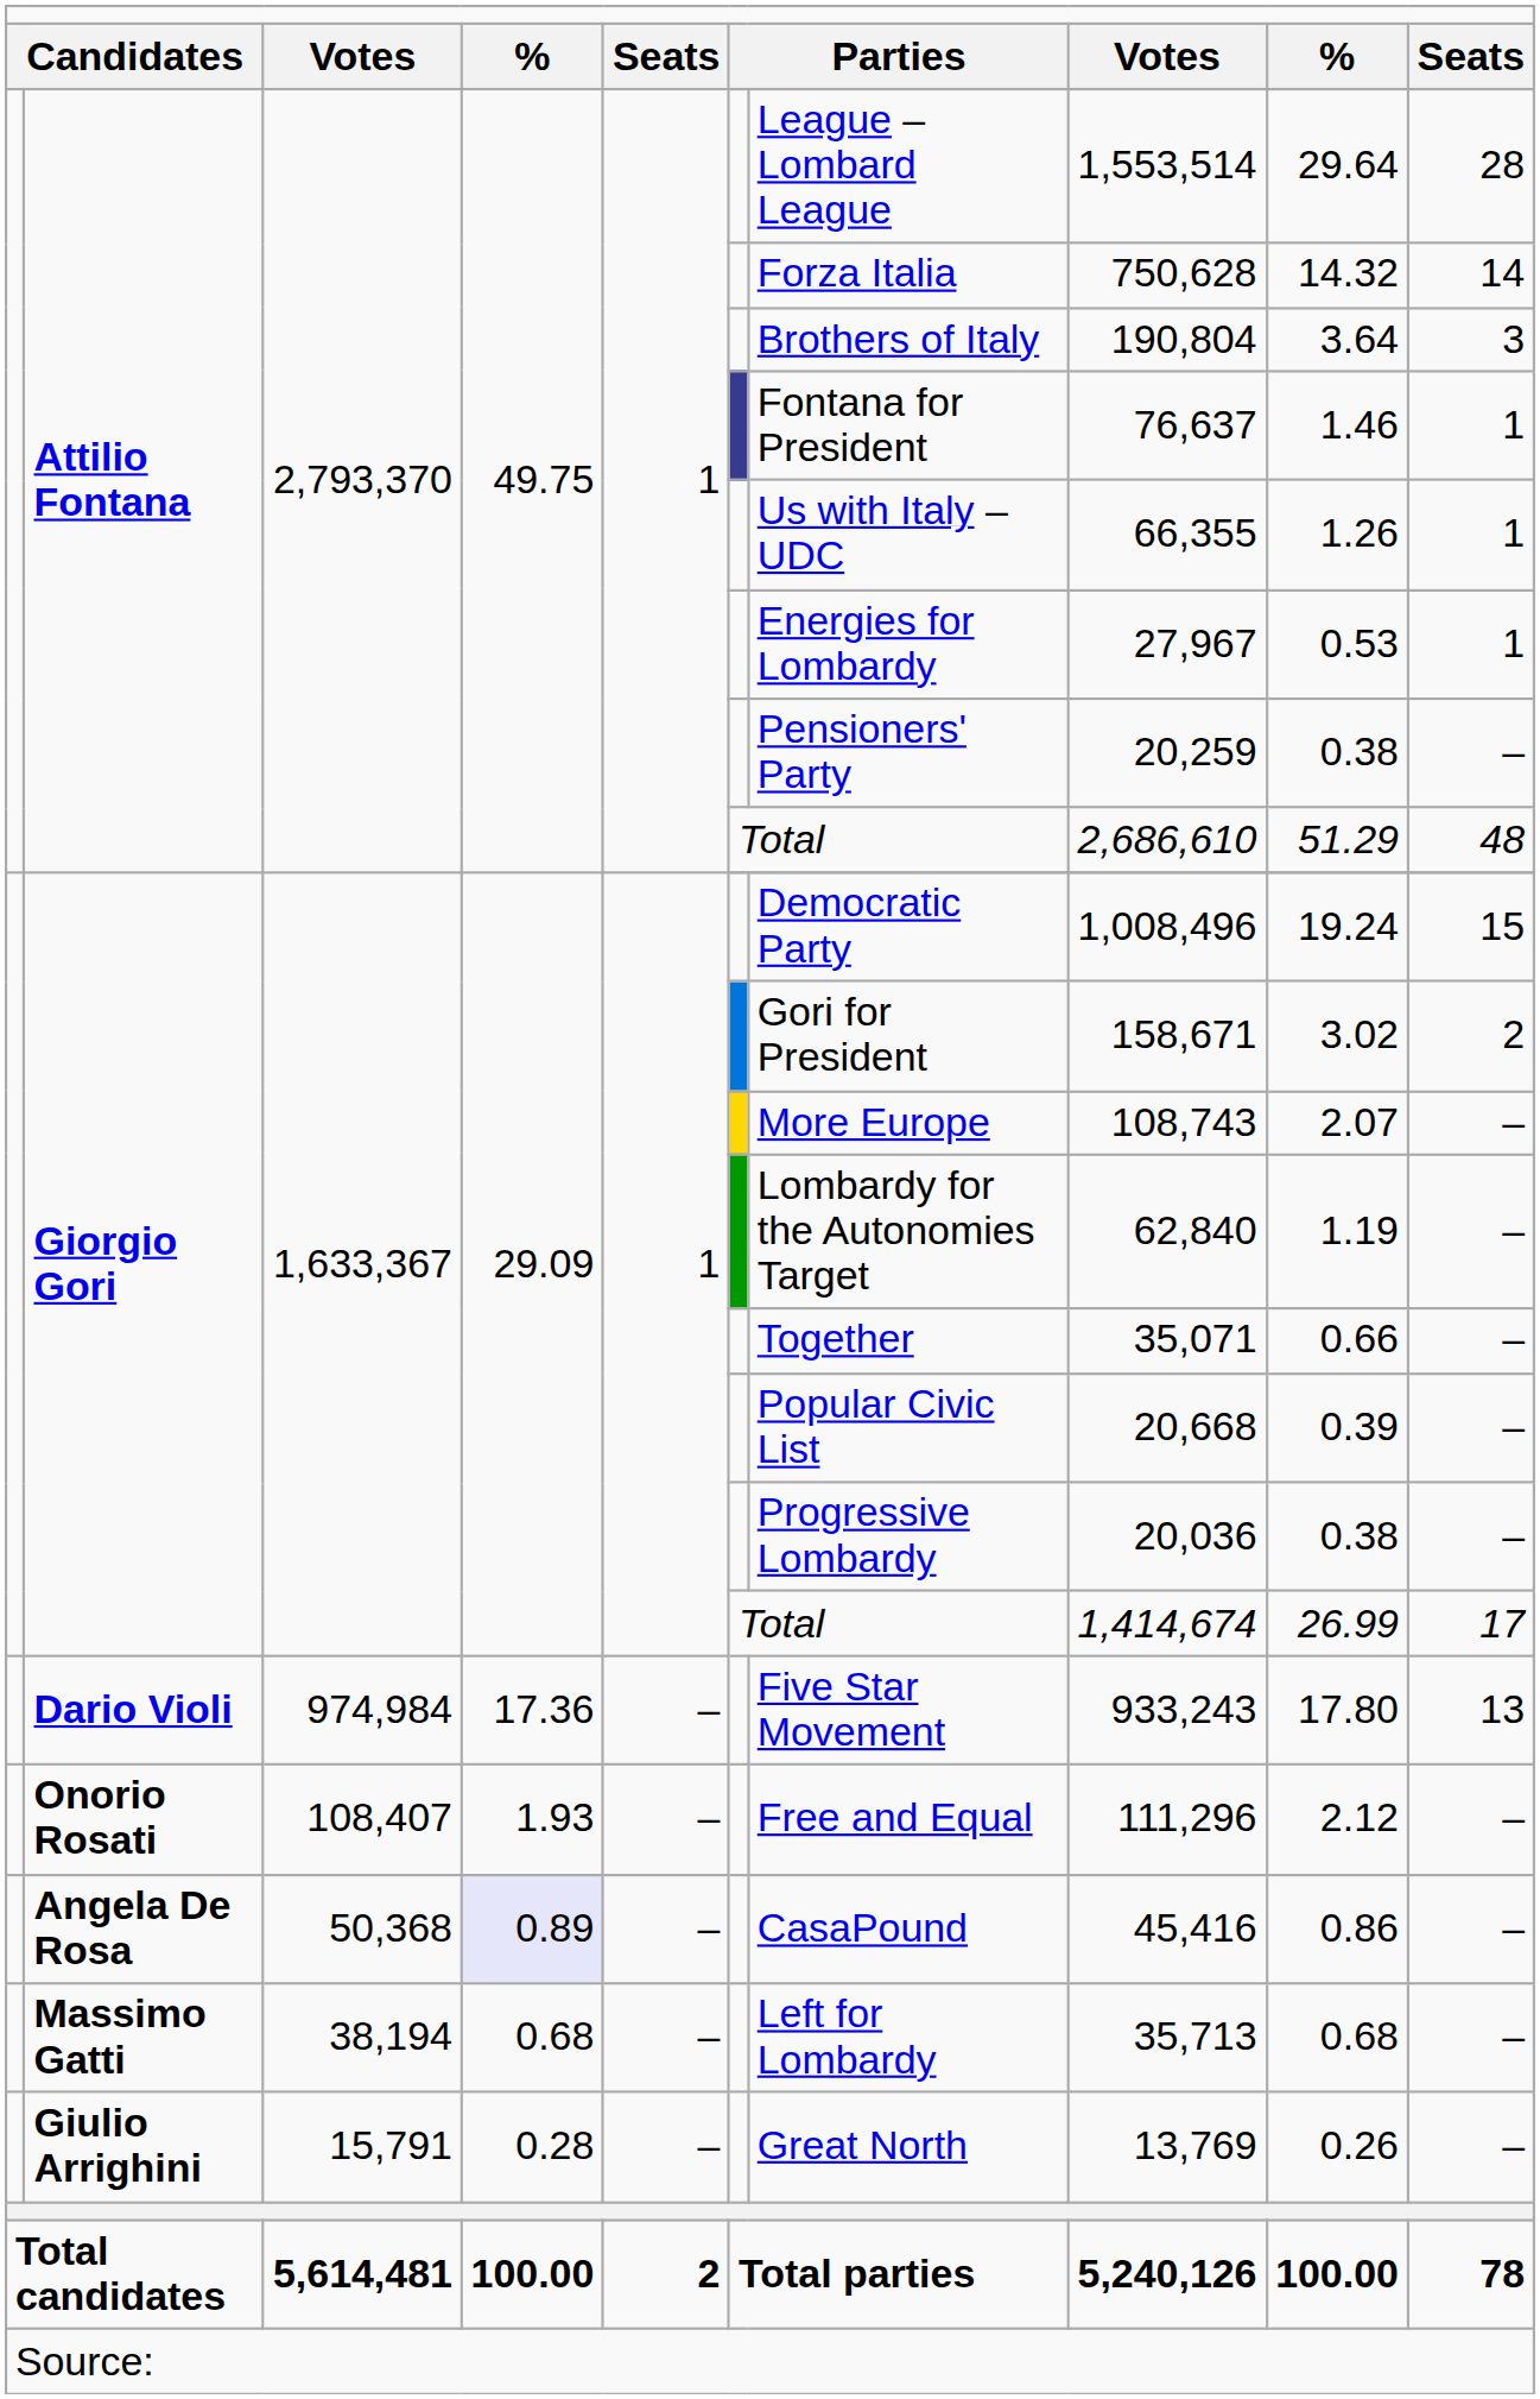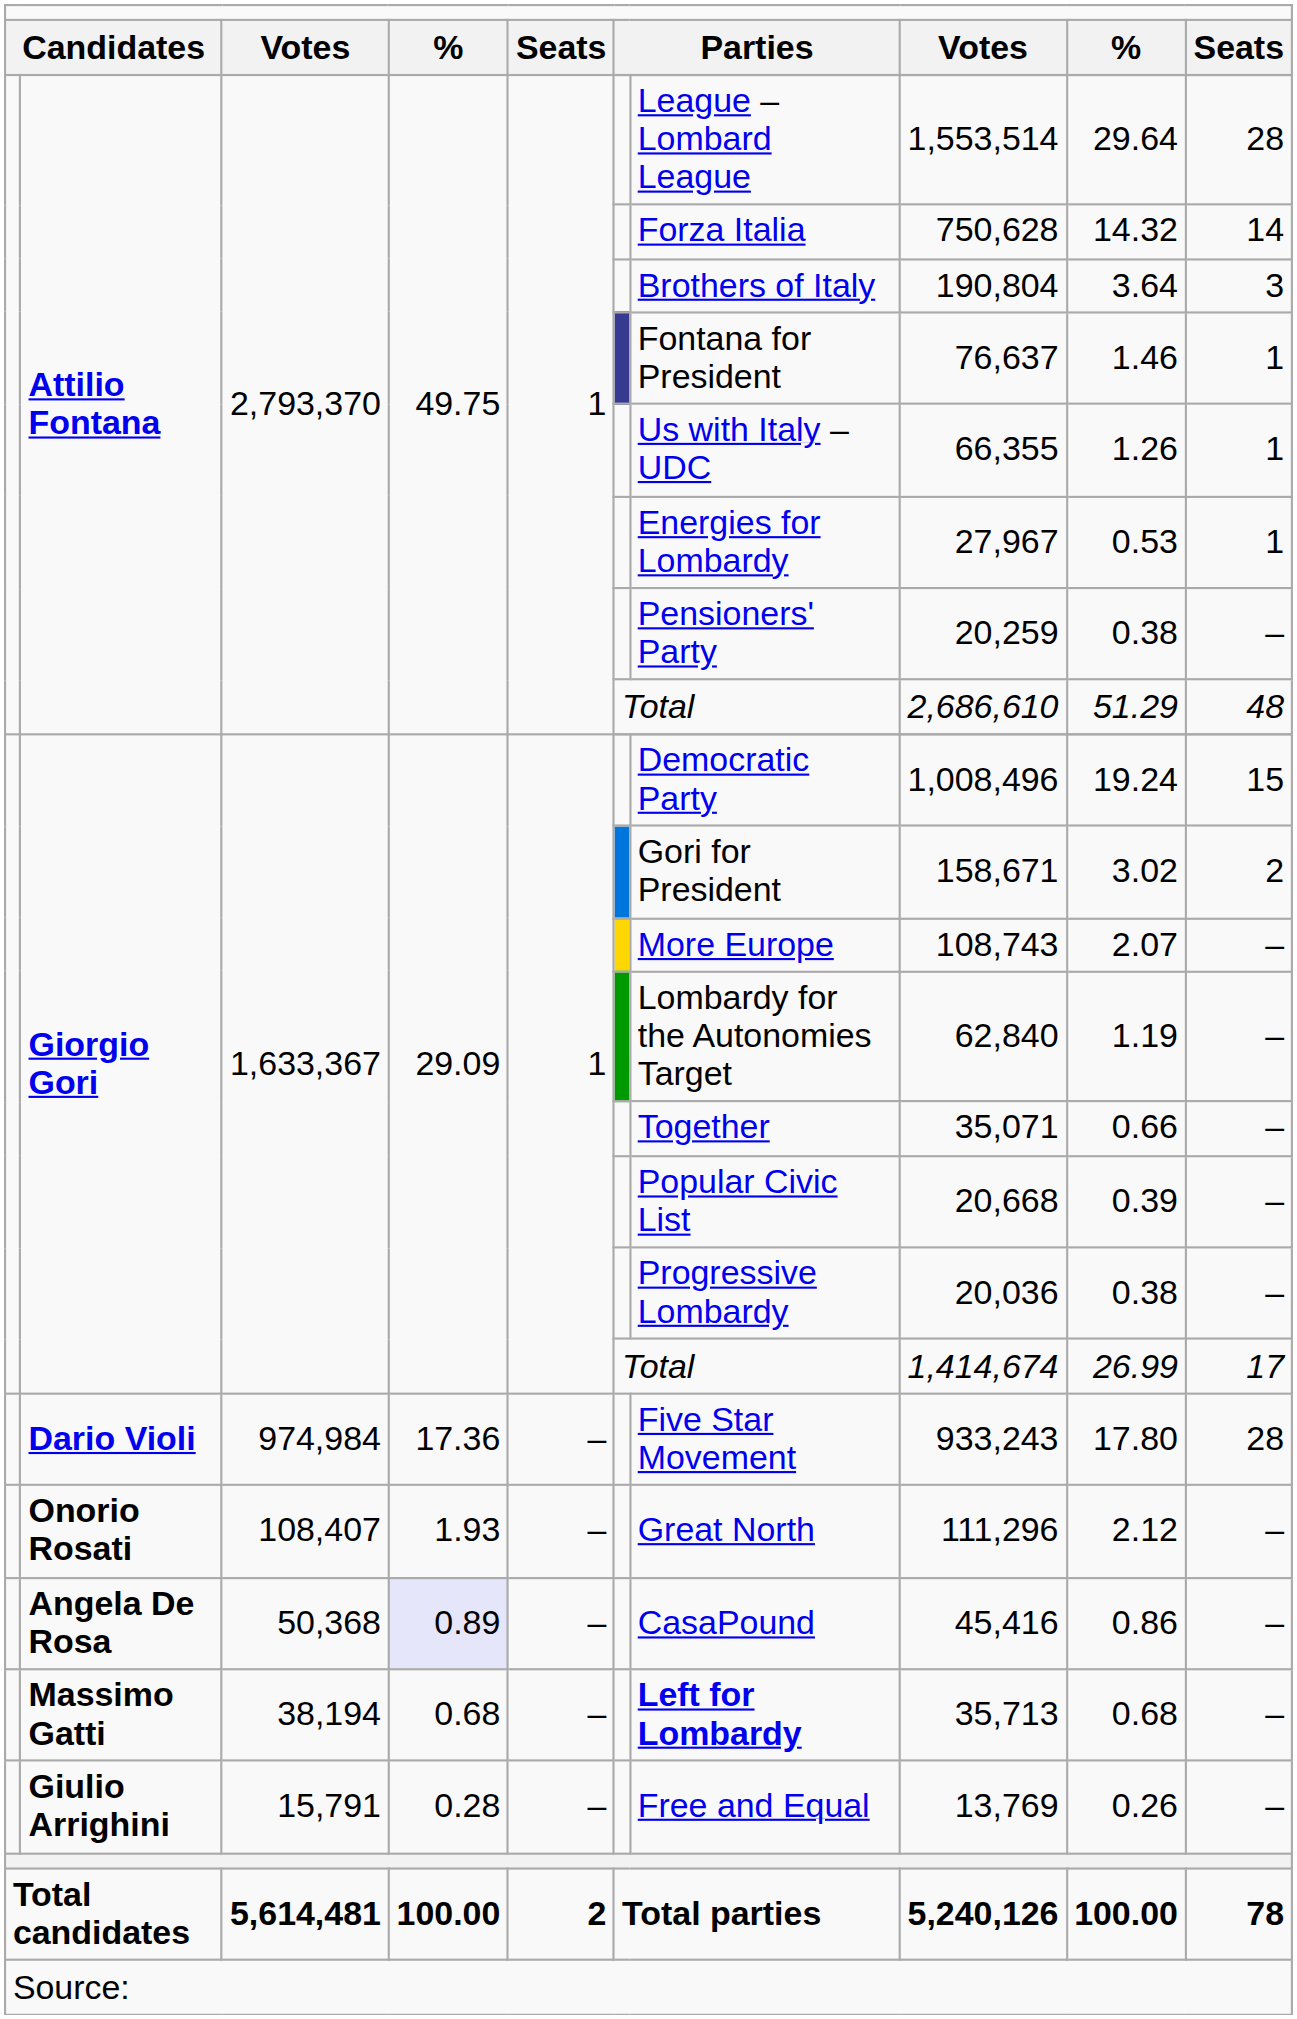 <table class="wikitable">
 <tr>
 <td colspan=10></td>
 </tr>
 <tr>
 <th colspan=2>Candidates</th>
 <th>Votes</th>
 <th>%</th>
 <th>Seats</th>
 <th colspan=2>Parties</th>
 <th>Votes</th>
 <th>%</th>
 <th>Seats</th>
 </tr>
 <tr>
 <td rowspan="9"></td>
 <td rowspan="9"><strong><a href='#'>Attilio Fontana</a></strong></td>
 <td rowspan="9" align=right>2,793,370</td>
 <td rowspan="9" align=right>49.75</td>
 <td rowspan="9" align=right>1</td>
 </tr>
 <tr>
 <td></td>
 <td><a href='#'>League</a> – <a href='#'>Lombard League</a></td>
 <td align=right>1,553,514</td>
 <td align=right>29.64</td>
 <td align=right>28</td>
 </tr>
 <tr>
 <td></td>
 <td><a href='#'>Forza Italia</a></td>
 <td align=right>750,628</td>
 <td align=right>14.32</td>
 <td align=right>14</td>
 </tr>
 <tr>
 <td></td>
 <td><a href='#'>Brothers of Italy</a></td>
 <td align=right>190,804</td>
 <td align=right>3.64</td>
 <td align=right>3</td>
 </tr>
 <tr>
 <td bgcolor="#363A91"></td>
 <td>Fontana for President</td>
 <td align=right>76,637</td>
 <td align=right>1.46</td>
 <td align=right>1</td>
 </tr>
 <tr>
 <td></td>
 <td><a href='#'>Us with Italy</a> – <a href='#'>UDC</a></td>
 <td align=right>66,355</td>
 <td align=right>1.26</td>
 <td align=right>1</td>
 </tr>
 <tr>
 <td></td>
 <td><a href='#'>Energies for Lombardy</a></td>
 <td align=right>27,967</td>
 <td align=right>0.53</td>
 <td align=right>1</td>
 </tr>
 <tr>
 <td></td>
 <td><a href='#'>Pensioners' Party</a></td>
 <td align=right>20,259</td>
 <td align=right>0.38</td>
 <td align=right>–</td>
 </tr>
 <tr>
 <td colspan=2><em>Total</em></td>
 <td align=right><em>2,686,610</em></td>
 <td align=right><em>51.29</em></td>
 <td align=right><em>48</em></td>
 </tr>
 <tr>
 <td rowspan=9></td>
 <td rowspan=9><strong><a href='#'>Giorgio Gori</a></strong></td>
 <td rowspan="9" align=right>1,633,367</td>
 <td rowspan="9" align=right>29.09</td>
 <td rowspan="9" align=right>1</td>
 </tr>
 <tr>
 <td></td>
 <td><a href='#'>Democratic Party</a></td>
 <td align=right>1,008,496</td>
 <td align=right>19.24</td>
 <td align=right>15</td>
 </tr>
 <tr>
 <td bgcolor="#0075DC"></td>
 <td>Gori for President</td>
 <td align=right>158,671</td>
 <td align=right>3.02</td>
 <td align=right>2</td>
 </tr>
 <tr>
 <td bgcolor="gold"></td>
 <td><a href='#'>More Europe</a></td>
 <td align=right>108,743</td>
 <td align=right>2.07</td>
 <td align=right>–</td>
 </tr>
 <tr>
 <td bgcolor="#009900"></td>
 <td>Lombardy for the Autonomies Target</td>
 <td align=right>62,840</td>
 <td align=right>1.19</td>
 <td align=right>–</td>
 </tr>
 <tr>
 <td></td>
 <td><a href='#'>Together</a></td>
 <td align=right>35,071</td>
 <td align=right>0.66</td>
 <td align=right>–</td>
 </tr>
 <tr>
 <td></td>
 <td><a href='#'>Popular Civic List</a></td>
 <td align=right>20,668</td>
 <td align=right>0.39</td>
 <td align=right>–</td>
 </tr>
 <tr>
 <td></td>
 <td><a href='#'>Progressive Lombardy</a></td>
 <td align=right>20,036</td>
 <td align=right>0.38</td>
 <td align=right>–</td>
 </tr>
 <tr>
 <td colspan=2><em>Total</em></td>
 <td align=right><em>1,414,674</em></td>
 <td align=right><em>26.99</em></td>
 <td align=right><em>17</em></td>
 </tr>
 <tr>
 <td></td>
 <td><strong><a href='#'>Dario Violi</a></strong></td>
 <td align=right>974,984</td>
 <td align=right>17.36</td>
 <td align=right>–</td>
 <td></td>
 <td><a href='#'>Five Star Movement</a></td>
 <td align=right>933,243</td>
 <td align=right>17.80</td>
-<td align=right>13</td>
+<td align=right>28</td>
 </tr>
 <tr>
 <td></td>
 <td><strong>Onorio Rosati</strong></td>
 <td align=right>108,407</td>
 <td align=right>1.93</td>
 <td align=right>–</td>
 <td></td>
-<td><a href='#'>Free and Equal</a></td>
+<td><a href='#'>Great North</a></td>
 <td align=right>111,296</td>
 <td align=right>2.12</td>
 <td align=right>–</td>
 </tr>
 <tr>
 <td></td>
 <td><strong>Angela De Rosa</strong></td>
 <td align=right>50,368</td>
 <td align=right style="background: lavender;">0.89</td>
 <td align=right>–</td>
 <td></td>
 <td><a href='#'>CasaPound</a></td>
 <td align=right>45,416</td>
 <td align=right>0.86</td>
 <td align=right>–</td>
 </tr>
 <tr>
 <td></td>
 <td><strong>Massimo Gatti</strong></td>
 <td align=right>38,194</td>
 <td align=right>0.68</td>
 <td align=right>–</td>
 <td></td>
-<td><a href='#'>Left for Lombardy</a></td>
+<td><strong><a href='#'>Left for Lombardy</a></strong></td>
 <td align=right>35,713</td>
 <td align=right>0.68</td>
 <td align=right>–</td>
 </tr>
 <tr>
 <td></td>
 <td><strong>Giulio Arrighini</strong></td>
 <td align=right>15,791</td>
 <td align=right>0.28</td>
 <td align=right>–</td>
 <td></td>
-<td><a href='#'>Great North</a></td>
+<td><a href='#'>Free and Equal</a></td>
 <td align=right>13,769</td>
 <td align=right>0.26</td>
 <td align=right>–</td>
 </tr>
 <tr>
 <th colspan=10></th>
 </tr>
 <tr>
 <td colspan=2><strong>Total candidates</strong></td>
 <td align=right><strong>5,614,481</strong></td>
 <td align=right><strong>100.00</strong></td>
 <td align=right><strong>2</strong></td>
 <td colspan=2><strong>Total parties</strong></td>
 <td align=right><strong>5,240,126</strong></td>
 <td align=right><strong>100.00</strong></td>
 <td align=right><strong>78</strong></td>
 </tr>
 <tr>
 <td colspan=10>Source: </td>
 </tr>
 </table>
